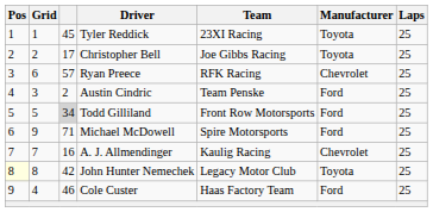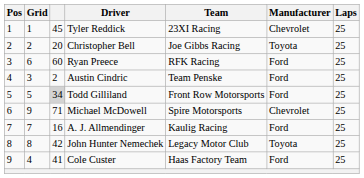 <table class="wikitable" style="font-size:98%">
 <tr>
 <th>Pos</th>
 <th>Grid</th>
 <th></th>
 <th>Driver</th>
 <th>Team</th>
 <th>Manufacturer</th>
 <th>Laps</th>
 </tr>
 <tr>
 <td>1</td>
 <td>1</td>
 <td>45</td>
 <td>Tyler Reddick</td>
 <td>23XI Racing</td>
-<td>Toyota</td>
+<td>Chevrolet</td>
 <td>25</td>
 </tr>
 <tr>
 <td>2</td>
 <td>2</td>
-<td>17</td>
+<td>20</td>
 <td>Christopher Bell</td>
 <td>Joe Gibbs Racing</td>
 <td>Toyota</td>
 <td>25</td>
 </tr>
 <tr>
 <td>3</td>
 <td>6</td>
-<td>57</td>
+<td>60</td>
 <td>Ryan Preece</td>
 <td>RFK Racing</td>
-<td>Chevrolet</td>
+<td>Ford</td>
 <td>25</td>
 </tr>
 <tr>
 <td>4</td>
 <td>3</td>
 <td>2</td>
 <td>Austin Cindric</td>
 <td>Team Penske</td>
 <td>Ford</td>
 <td>25</td>
 </tr>
 <tr>
 <td>5</td>
 <td>5</td>
 <td style="background: lightgrey;">34</td>
 <td>Todd Gilliland</td>
 <td>Front Row Motorsports</td>
 <td>Ford</td>
 <td>25</td>
 </tr>
 <tr>
 <td>6</td>
 <td>9</td>
 <td>71</td>
 <td>Michael McDowell</td>
 <td>Spire Motorsports</td>
-<td>Ford</td>
+<td>Chevrolet</td>
 <td>25</td>
 </tr>
 <tr>
 <td>7</td>
 <td>7</td>
 <td>16</td>
 <td>A. J. Allmendinger</td>
 <td>Kaulig Racing</td>
-<td>Chevrolet</td>
+<td>Ford</td>
 <td>25</td>
 </tr>
 <tr>
-<td style="background: lightyellow;">8</td>
+<td>8</td>
 <td>8</td>
 <td>42</td>
 <td>John Hunter Nemechek</td>
 <td>Legacy Motor Club</td>
 <td>Toyota</td>
 <td>25</td>
 </tr>
 <tr>
 <td>9</td>
 <td>4</td>
-<td>46</td>
+<td>41</td>
 <td>Cole Custer</td>
 <td>Haas Factory Team</td>
 <td>Ford</td>
 <td>25</td>
 </tr>
 <tr>
 <th colspan="7"></th>
 </tr>
 </table>
